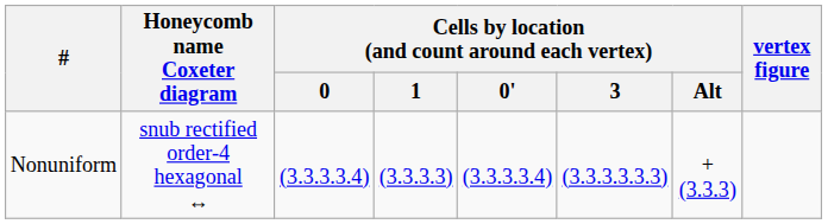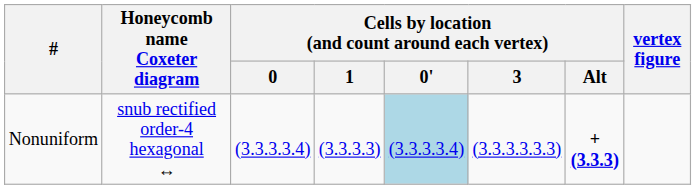 <table class="wikitable">
 <tr>
 <th rowspan=2>#</th>
 <th rowspan=2>Honeycomb name<br><a href='#'>Coxeter diagram</a></th>
 <th colspan=5>Cells by location<br>(and count around each vertex)</th>
 <th rowspan=2><a href='#'>vertex figure</a></th>
 </tr>
 <tr>
 <th>0<br></th>
 <th>1<br></th>
 <th>0'<br></th>
 <th>3<br></th>
 <th>Alt</th>
 </tr>
 <tr align=center>
 <td>Nonuniform</td>
 <td><a href='#'>snub rectified order-4 hexagonal</a><br> ↔ </td>
 <td><br><a href='#'>(3.3.3.3.4)</a></td>
 <td><br><a href='#'>(3.3.3.3)</a></td>
-<td><br><a href='#'>(3.3.3.3.4)</a></td>
+<td style="background: lightblue;"><br><a href='#'>(3.3.3.3.4)</a></td>
 <td><br><a href='#'>(3.3.3.3.3.3)</a></td>
-<td><br>+<a href='#'>(3.3.3)</a></td>
+<td><strong><br>+<a href='#'>(3.3.3)</a></strong></td>
 <td></td>
 </tr>
 </table>
